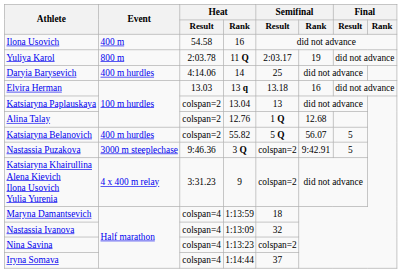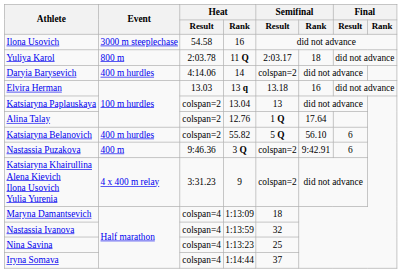 <table class="wikitable" style="font-size:90%">
 <tr>
 <th rowspan=2>Athlete</th>
 <th rowspan=2>Event</th>
 <th colspan=2>Heat</th>
 <th colspan=2>Semifinal</th>
 <th colspan=2>Final</th>
 </tr>
 <tr style="font-size:95%">
 <th>Result</th>
 <th>Rank</th>
 <th>Result</th>
 <th>Rank</th>
 <th>Result</th>
 <th>Rank</th>
 </tr>
 <tr align=center>
 <td align=left><a href='#'>Ilona Usovich</a></td>
-<td style="text-align:left;"><a href='#'>400 m</a></td>
+<td style="text-align:left;"><a href='#'>3000 m steeplechase</a></td>
 <td>54.58</td>
 <td>16</td>
 <td colspan=4>did not advance</td>
 </tr>
 <tr align=center>
 <td align=left><a href='#'>Yuliya Karol</a></td>
 <td style="text-align:left;"><a href='#'>800 m</a></td>
 <td>2:03.78</td>
 <td>11 <strong>Q</strong></td>
 <td>2:03.17</td>
-<td>19</td>
+<td>18</td>
 <td colspan=2>did not advance</td>
 </tr>
 <tr align=center>
 <td align=left><a href='#'>Daryia Barysevich</a></td>
 <td style="text-align:left;"><a href='#'>400 m hurdles</a></td>
 <td>4:14.06</td>
 <td>14</td>
-<td>25</td>
+<td>colspan=2 </td>
 <td colspan=2>did not advance</td>
 </tr>
 <tr align=center>
 <td align=left><a href='#'>Elvira Herman</a></td>
 <td style="text-align:left;" rowspan=3><a href='#'>100 m hurdles</a></td>
 <td>13.03 <strong></strong></td>
 <td>13 <strong>q</strong></td>
 <td>13.18</td>
 <td>16</td>
 <td colspan=2>did not advance</td>
 </tr>
 <tr align=center>
 <td align=left><a href='#'>Katsiaryna Paplauskaya</a></td>
 <td>colspan=2 </td>
 <td>13.04</td>
 <td>13</td>
 <td colspan=2>did not advance</td>
 </tr>
 <tr align=center>
 <td align=left><a href='#'>Alina Talay</a></td>
 <td>colspan=2 </td>
 <td>12.76</td>
 <td>1 <strong>Q</strong></td>
-<td>12.68</td>
+<td>17.64</td>
 <td></td>
 </tr>
 <tr align=center>
 <td align=left><a href='#'>Katsiaryna Belanovich</a></td>
 <td style="text-align:left;"><a href='#'>400 m hurdles</a></td>
 <td>colspan=2 </td>
 <td>55.82</td>
 <td>5 <strong>Q</strong></td>
-<td>56.07</td>
-<td>5</td>
+<td>56.10</td>
+<td>6</td>
 </tr>
 <tr align=center>
 <td align=left><a href='#'>Nastassia Puzakova</a></td>
-<td style="text-align:left;"><a href='#'>3000 m steeplechase</a></td>
+<td style="text-align:left;"><a href='#'>400 m</a></td>
 <td>9:46.36 <strong></strong></td>
 <td>3 <strong>Q</strong></td>
 <td>colspan=2 </td>
 <td>9:42.91 <strong></strong></td>
-<td>5</td>
+<td>6</td>
 </tr>
 <tr align=center>
 <td align=left><a href='#'>Katsiaryna Khairullina</a><br><a href='#'>Alena Kievich</a><br><a href='#'>Ilona Usovich</a><br><a href='#'>Yulia Yurenia</a></td>
 <td style="text-align:left;"><a href='#'>4 x 400 m relay</a></td>
 <td>3:31.23 <strong></strong></td>
 <td>9</td>
 <td>colspan=2 </td>
 <td colspan=2>did not advance</td>
 </tr>
 <tr align=center>
 <td align=left><a href='#'>Maryna Damantsevich</a></td>
 <td style="text-align:left;" rowspan=4><a href='#'>Half marathon</a></td>
 <td>colspan=4 </td>
-<td>1:13:59</td>
+<td>1:13:09</td>
 <td>18</td>
 </tr>
 <tr align=center>
 <td align=left><a href='#'>Nastassia Ivanova</a></td>
 <td>colspan=4 </td>
-<td>1:13:09</td>
+<td>1:13:59</td>
 <td>32</td>
 </tr>
 <tr align=center>
 <td align=left><a href='#'>Nina Savina</a></td>
 <td>colspan=4 </td>
 <td>1:13:23</td>
-<td>colspan=2 </td>
+<td>25</td>
 </tr>
 <tr align=center>
 <td align=left><a href='#'>Iryna Somava</a></td>
 <td>colspan=4 </td>
 <td>1:14:44</td>
 <td>37</td>
 </tr>
 </table>
